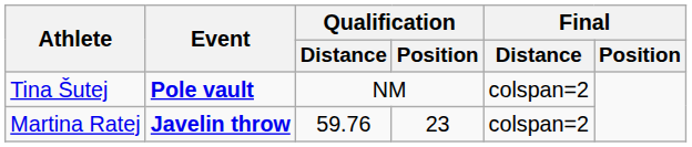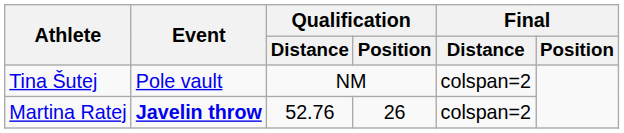 <table class=wikitable style="font-size:90%">
 <tr>
 <th rowspan="2">Athlete</th>
 <th rowspan="2">Event</th>
 <th colspan="2">Qualification</th>
 <th colspan="2">Final</th>
 </tr>
 <tr style="font-size:95%">
 <th>Distance</th>
 <th>Position</th>
 <th>Distance</th>
 <th>Position</th>
 </tr>
 <tr style=text-align:center>
 <td style=text-align:left><a href='#'>Tina Šutej</a></td>
-<td style=text-align:left><strong><a href='#'>Pole vault</a></strong></td>
+<td style=text-align:left><a href='#'>Pole vault</a></td>
 <td colspan=2>NM</td>
 <td>colspan=2 </td>
 </tr>
 <tr style=text-align:center>
 <td style=text-align:left><a href='#'>Martina Ratej</a></td>
 <td style=text-align:left><strong><a href='#'>Javelin throw</a></strong></td>
-<td>59.76</td>
-<td>23</td>
+<td>52.76</td>
+<td>26</td>
 <td>colspan=2 </td>
 </tr>
 </table>
